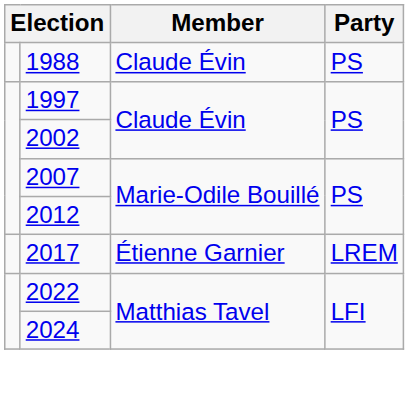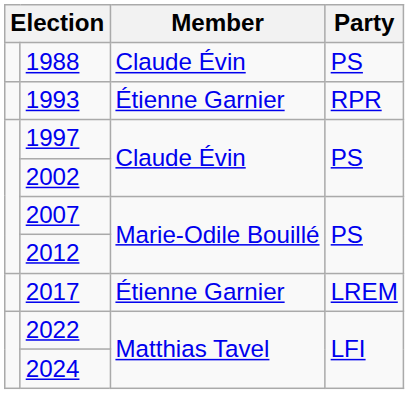 <table class="wikitable">
 <tr>
 <th colspan="2">Election</th>
 <th>Member</th>
 <th>Party</th>
 </tr>
 <tr>
 <td style="color:inherit;background-color: "></td>
 <td><a href='#'>1988</a></td>
 <td><a href='#'>Claude Évin</a></td>
 <td><a href='#'>PS</a></td>
+</tr>
+<tr>
+<td style="color:inherit;background-color: "></td>
+<td><a href='#'>1993</a></td>
+<td><a href='#'>Étienne Garnier</a></td>
+<td><a href='#'>RPR</a></td>
 </tr>
 <tr>
 <td rowspan="4" style="color:inherit;background-color: "></td>
 <td><a href='#'>1997</a></td>
 <td rowspan="2"><a href='#'>Claude Évin</a></td>
 <td rowspan="2"><a href='#'>PS</a></td>
 </tr>
 <tr>
 <td><a href='#'>2002</a></td>
 </tr>
 <tr>
 <td><a href='#'>2007</a></td>
 <td rowspan=2><a href='#'>Marie-Odile Bouillé</a></td>
 <td rowspan=2><a href='#'>PS</a></td>
 </tr>
 <tr>
 <td><a href='#'>2012</a></td>
 </tr>
 <tr>
 <td style="color:inherit;background-color: "></td>
 <td><a href='#'>2017</a></td>
 <td><a href='#'>Étienne Garnier</a></td>
 <td><a href='#'>LREM</a></td>
 </tr>
 <tr>
 <td rowspan="2" style="color:inherit;background-color: "></td>
 <td><a href='#'>2022</a></td>
 <td rowspan="2"><a href='#'>Matthias Tavel</a></td>
 <td rowspan="2"><a href='#'>LFI</a></td>
 </tr>
 <tr>
 <td><a href='#'>2024</a></td>
 </tr>
 </table>
